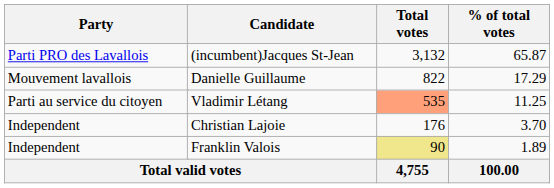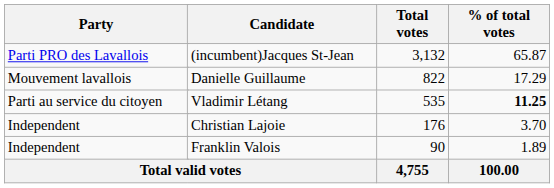 <table style="width:600px;" class="wikitable">
 <tr style="background-color:#E9E9E9">
 <th colspan="2" style="width: 200px">Party</th>
 <th colspan="1" style="width: 200px">Candidate</th>
 <th align="right">Total votes</th>
 <th align="right">% of total votes</th>
 </tr>
 <tr>
 <td colspan="2" align="left"><a href='#'>Parti PRO des Lavallois</a></td>
 <td align="left">(incumbent)Jacques St-Jean</td>
 <td align="right">3,132</td>
 <td align="right">65.87</td>
 </tr>
 <tr>
 <td colspan="2" align="left">Mouvement lavallois</td>
 <td align="left">Danielle Guillaume</td>
 <td align="right">822</td>
 <td align="right">17.29</td>
 </tr>
 <tr>
 <td colspan="2" align="left">Parti au service du citoyen</td>
 <td align="left">Vladimir Létang</td>
-<td align="right" style="background: lightsalmon;">535</td>
-<td align="right">11.25</td>
+<td align="right">535</td>
+<td align="right"><strong>11.25</strong></td>
 </tr>
 <tr>
 <td colspan="2" align="left">Independent</td>
 <td align="left">Christian Lajoie</td>
 <td align="right">176</td>
 <td align="right">3.70</td>
 </tr>
 <tr>
 <td colspan="2" align="left">Independent</td>
 <td align="left">Franklin Valois</td>
-<td align="right" style="background: khaki;">90</td>
+<td align="right">90</td>
 <td align="right">1.89</td>
 </tr>
 <tr bgcolor="#EEEEEE">
 <th colspan="3"  align="left">Total valid votes</th>
 <th align="right">4,755</th>
 <th align="right">100.00</th>
 </tr>
 </table>
